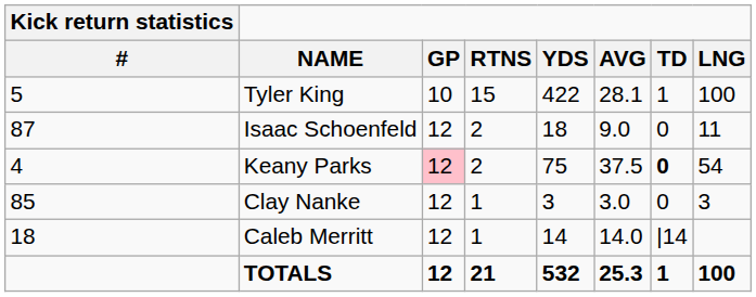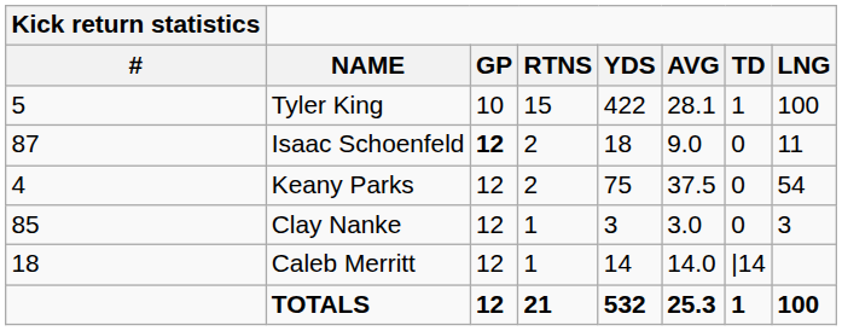 <table class="wikitable collapsible">
 <tr>
 <th style="text-align:center; ">Kick return statistics</th>
 </tr>
 <tr>
 <th>#</th>
 <th>NAME</th>
 <th>GP</th>
 <th>RTNS</th>
 <th>YDS</th>
 <th>AVG</th>
 <th>TD</th>
 <th>LNG</th>
 </tr>
 <tr>
 <td>5</td>
 <td>Tyler King</td>
 <td>10</td>
 <td>15</td>
 <td>422</td>
 <td>28.1</td>
 <td>1</td>
 <td>100</td>
 </tr>
 <tr>
 <td>87</td>
 <td>Isaac Schoenfeld</td>
-<td>12</td>
+<td><strong>12</strong></td>
 <td>2</td>
 <td>18</td>
 <td>9.0</td>
 <td>0</td>
 <td>11</td>
 </tr>
 <tr>
 <td>4</td>
 <td>Keany Parks</td>
-<td style="background: pink;">12</td>
+<td>12</td>
 <td>2</td>
 <td>75</td>
 <td>37.5</td>
-<td><strong>0</strong></td>
+<td>0</td>
 <td>54</td>
 </tr>
 <tr>
 <td>85</td>
 <td>Clay Nanke</td>
 <td>12</td>
 <td>1</td>
 <td>3</td>
 <td>3.0</td>
 <td>0</td>
 <td>3</td>
 </tr>
 <tr>
 <td>18</td>
 <td>Caleb Merritt</td>
 <td>12</td>
 <td>1</td>
 <td>14</td>
 <td>14.0</td>
 <td 0>|14</td>
 </tr>
 <tr>
 <td></td>
 <td><strong>TOTALS</strong></td>
 <td><strong>12</strong></td>
 <td><strong>21</strong></td>
 <td><strong>532</strong></td>
 <td><strong>25.3</strong></td>
 <td><strong>1</strong></td>
 <td><strong>100</strong></td>
 </tr>
 </table>
